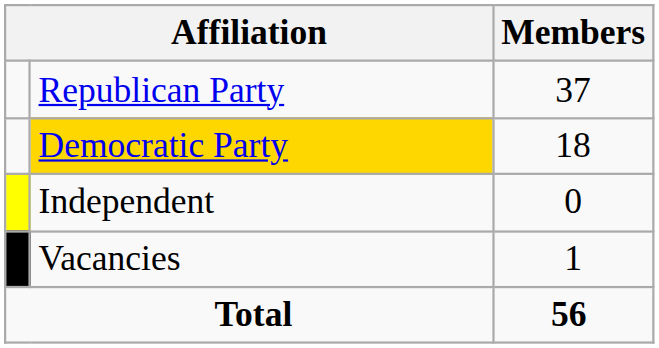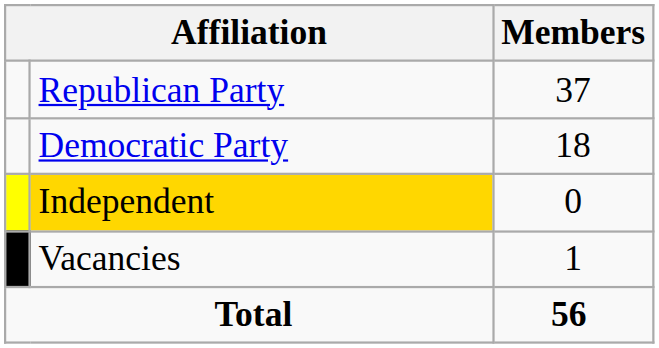 <table class="wikitable">
 <tr>
 <th colspan=2 align=center valign=bottom>Affiliation</th>
 <th colspan=2 align=center valign=bottom>Members</th>
 </tr>
 <tr>
 <td></td>
 <td width="201"><a href='#'>Republican Party</a></td>
 <td colspan=2 align=center>37</td>
 </tr>
 <tr>
 <td></td>
-<td style="background: gold;"><a href='#'>Democratic Party</a></td>
+<td><a href='#'>Democratic Party</a></td>
 <td colspan=2 align=center>18</td>
 </tr>
 <tr>
 <td bgcolor="yellow"> </td>
-<td>Independent</td>
+<td style="background: gold;">Independent</td>
 <td colspan=2 align=center>0</td>
 </tr>
 <tr>
 <td bgcolor="black"> </td>
 <td>Vacancies</td>
 <td colspan=2 align=center>1</td>
 </tr>
 <tr>
 <td colspan=2 align=center> <strong>Total</strong></td>
 <td colspan=2 align=center><strong>56</strong> </td>
 </tr>
 </table>
